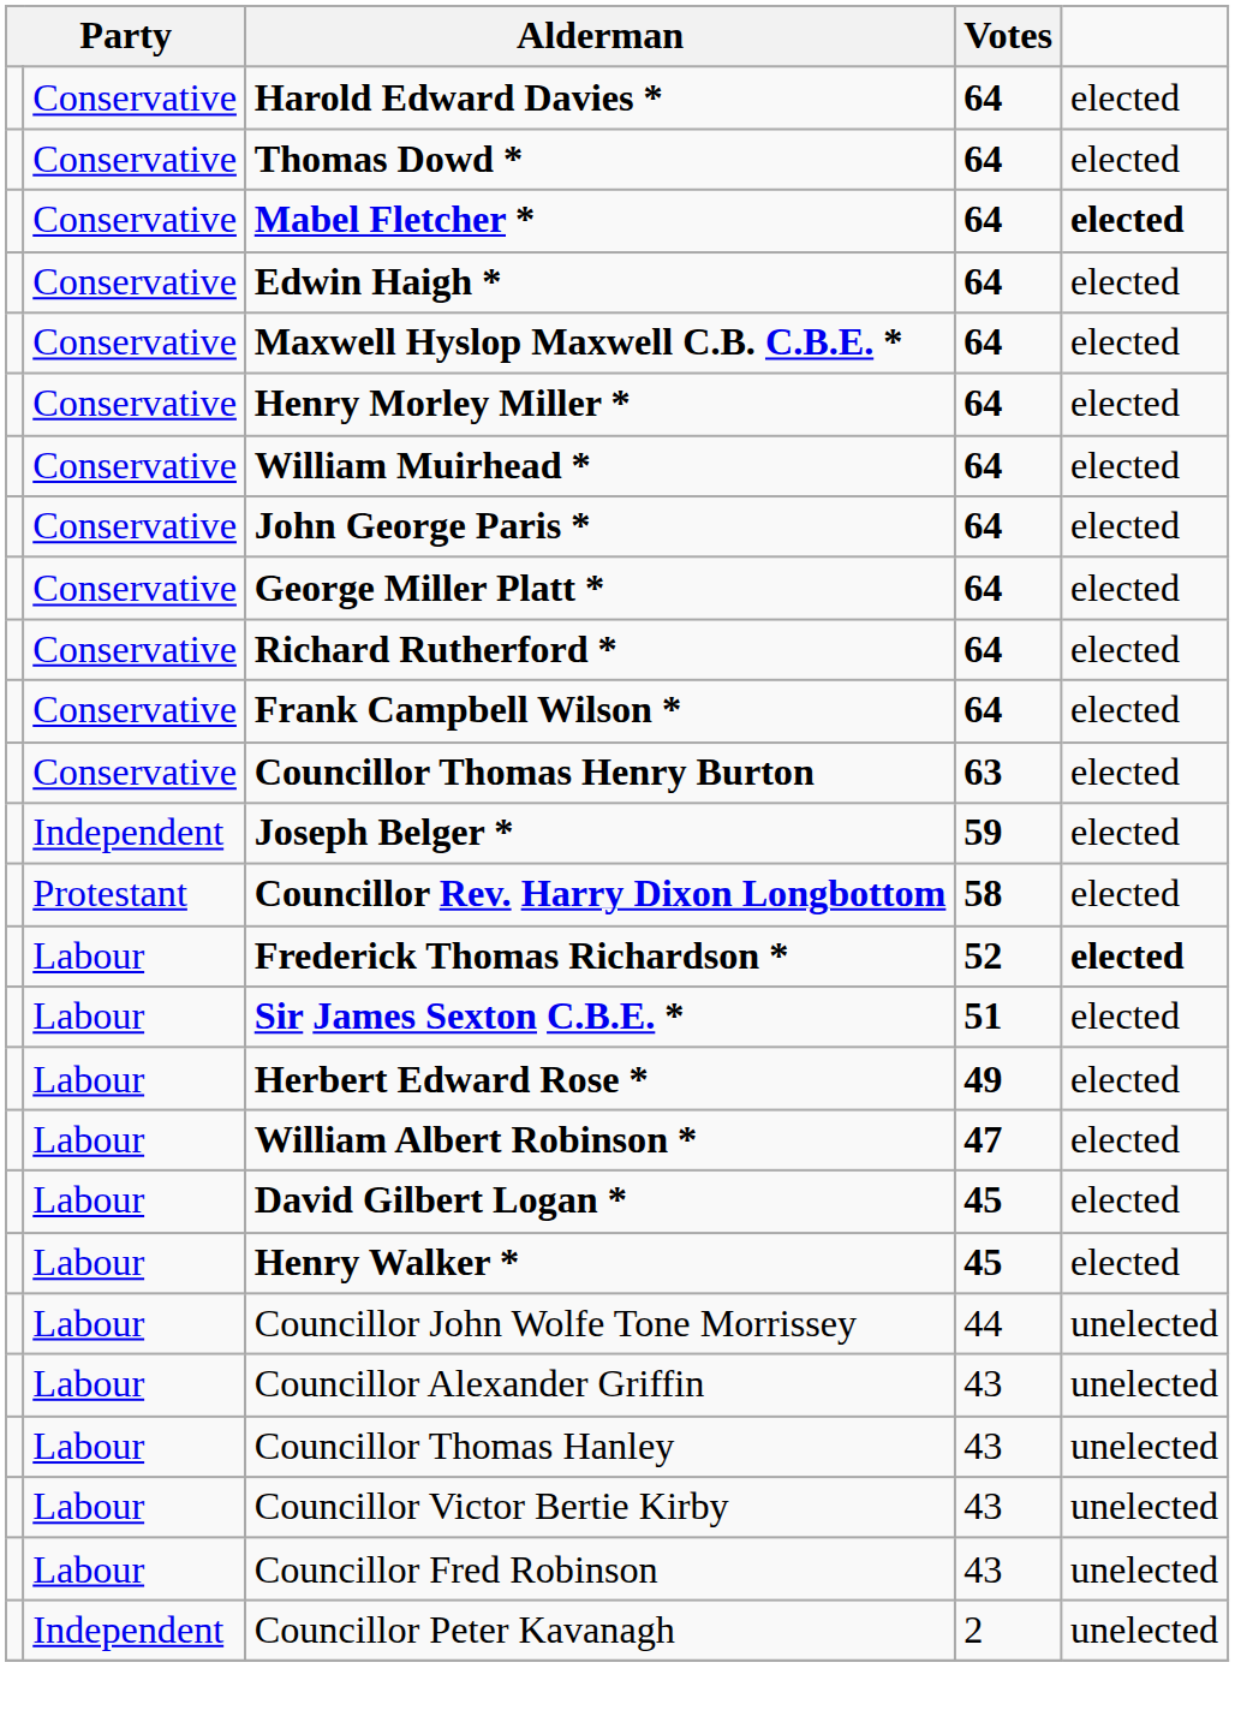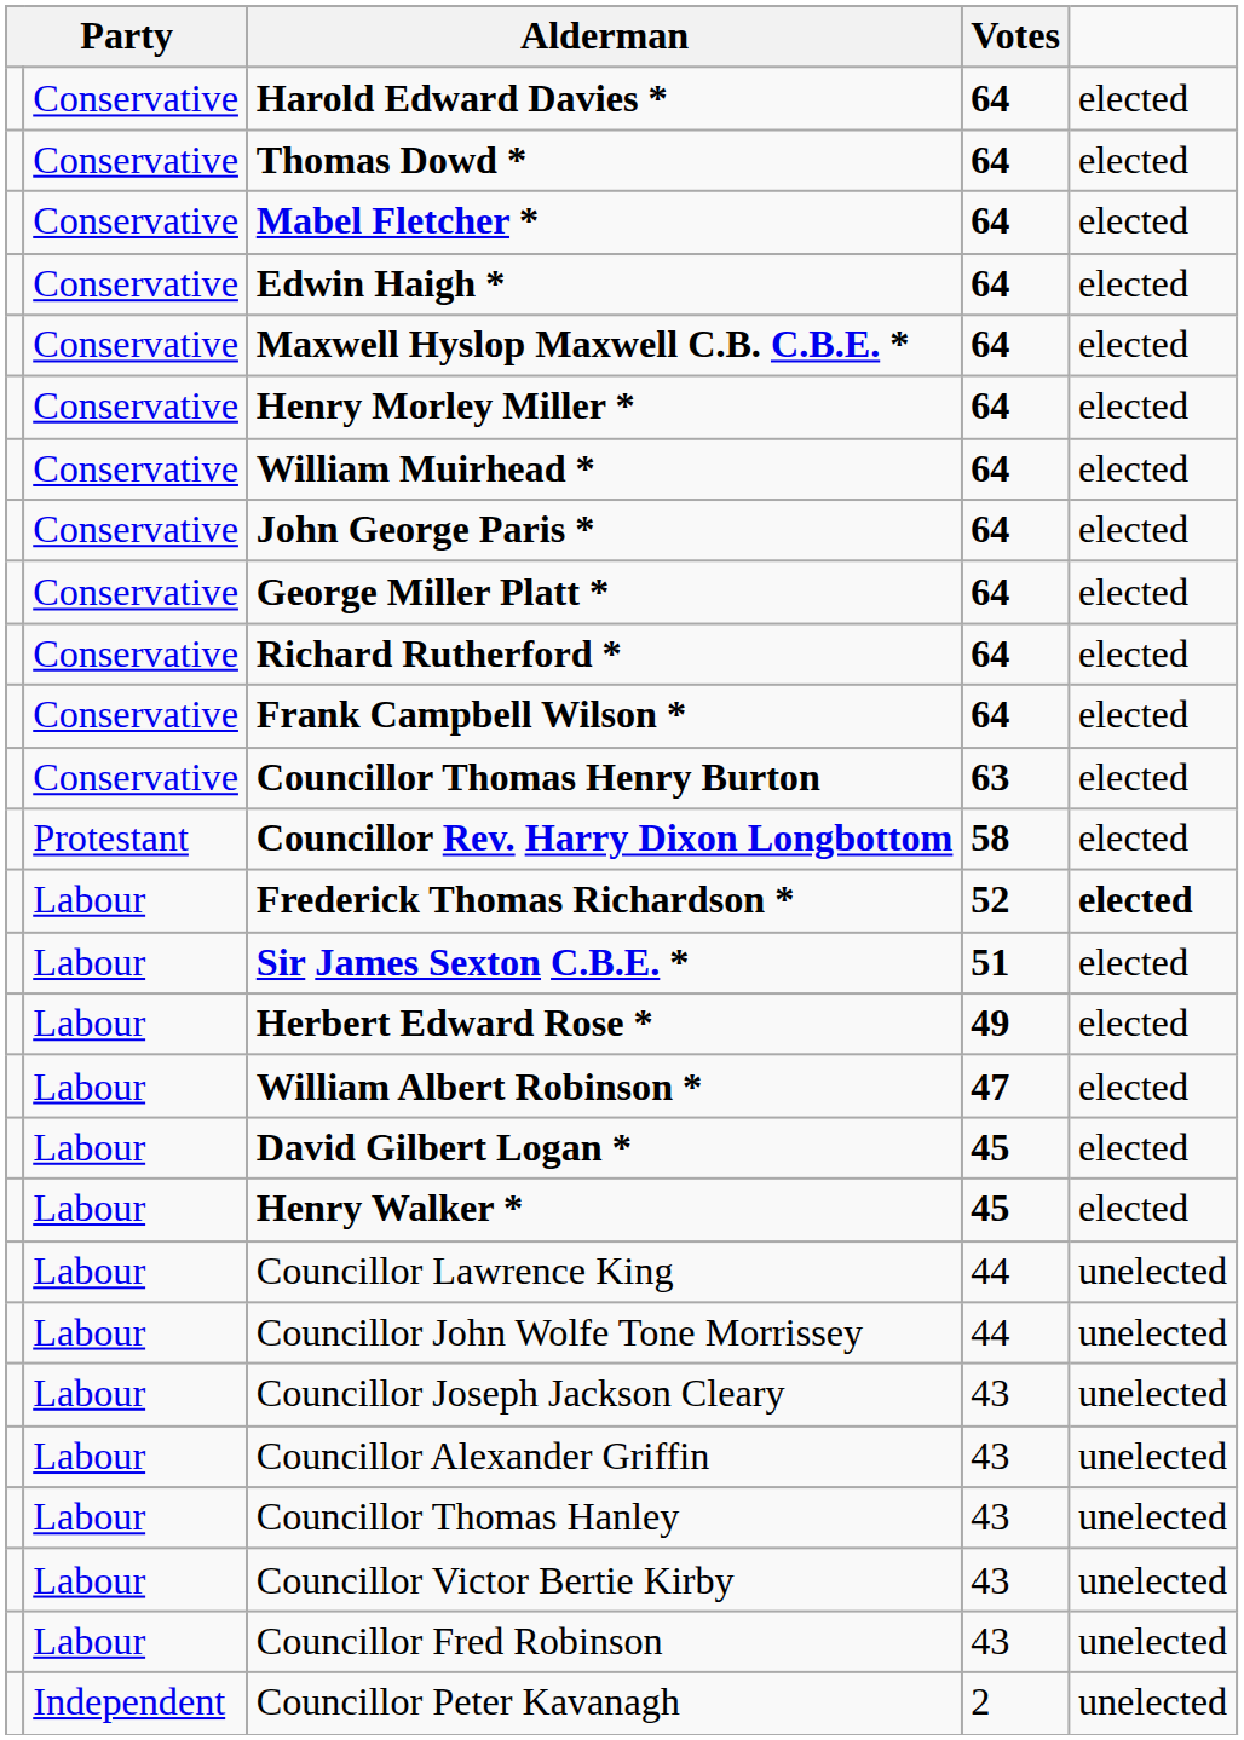 <table class="wikitable">
 <tr>
 <th colspan="2">Party</th>
 <th>Alderman</th>
 <th>Votes</th>
 </tr>
 <tr>
 <td style="background-color:"></td>
 <td><a href='#'>Conservative</a></td>
 <td><strong>Harold Edward Davies *</strong></td>
 <td><strong>64</strong></td>
 <td>elected</td>
 </tr>
 <tr>
 <td style="background-color:"></td>
 <td><a href='#'>Conservative</a></td>
 <td><strong>Thomas Dowd *</strong></td>
 <td><strong>64</strong></td>
 <td>elected</td>
 </tr>
 <tr>
 <td style="background-color:"></td>
 <td><a href='#'>Conservative</a></td>
 <td><strong><a href='#'>Mabel Fletcher</a> *</strong></td>
 <td><strong>64</strong></td>
-<td><strong>elected</strong></td>
+<td>elected</td>
 </tr>
 <tr>
 <td style="background-color:"></td>
 <td><a href='#'>Conservative</a></td>
 <td><strong>Edwin Haigh *</strong></td>
 <td><strong>64</strong></td>
 <td>elected</td>
 </tr>
 <tr>
 <td style="background-color:"></td>
 <td><a href='#'>Conservative</a></td>
 <td><strong>Maxwell Hyslop Maxwell C.B. <a href='#'>C.B.E.</a> *</strong></td>
 <td><strong>64</strong></td>
 <td>elected</td>
 </tr>
 <tr>
 <td style="background-color:"></td>
 <td><a href='#'>Conservative</a></td>
 <td><strong>Henry Morley Miller *</strong></td>
 <td><strong>64</strong></td>
 <td>elected</td>
 </tr>
 <tr>
 <td style="background-color:"></td>
 <td><a href='#'>Conservative</a></td>
 <td><strong>William Muirhead *</strong></td>
 <td><strong>64</strong></td>
 <td>elected</td>
 </tr>
 <tr>
 <td style="background-color:"></td>
 <td><a href='#'>Conservative</a></td>
 <td><strong>John George Paris *</strong></td>
 <td><strong>64</strong></td>
 <td>elected</td>
 </tr>
 <tr>
 <td style="background-color:"></td>
 <td><a href='#'>Conservative</a></td>
 <td><strong>George Miller Platt *</strong></td>
 <td><strong>64</strong></td>
 <td>elected</td>
 </tr>
 <tr>
 <td style="background-color:"></td>
 <td><a href='#'>Conservative</a></td>
 <td><strong>Richard Rutherford *</strong></td>
 <td><strong>64</strong></td>
 <td>elected</td>
 </tr>
 <tr>
 <td style="background-color:"></td>
 <td><a href='#'>Conservative</a></td>
 <td><strong>Frank Campbell Wilson *</strong></td>
 <td><strong>64</strong></td>
 <td>elected</td>
 </tr>
 <tr>
 <td style="background-color:"></td>
 <td><a href='#'>Conservative</a></td>
 <td><strong>Councillor Thomas Henry Burton</strong></td>
 <td><strong>63</strong></td>
 <td>elected</td>
 </tr>
 <tr>
 <td style="background-color:"></td>
-<td><a href='#'>Independent</a></td>
-<td><strong>Joseph Belger *</strong></td>
-<td><strong>59</strong></td>
-<td>elected</td>
-</tr>
-<tr>
-<td style="background-color:"></td>
 <td><a href='#'>Protestant</a></td>
 <td><strong>Councillor <a href='#'>Rev.</a> <a href='#'>Harry Dixon Longbottom</a></strong></td>
 <td><strong>58</strong></td>
 <td>elected</td>
 </tr>
 <tr>
 <td style="background-color:"></td>
 <td><a href='#'>Labour</a></td>
 <td><strong>Frederick Thomas Richardson *</strong></td>
 <td><strong>52</strong></td>
 <td><strong>elected</strong></td>
 </tr>
 <tr>
 <td style="background-color:"></td>
 <td><a href='#'>Labour</a></td>
 <td><strong><a href='#'>Sir</a> <a href='#'>James Sexton</a> <a href='#'>C.B.E.</a> *</strong></td>
 <td><strong>51</strong></td>
 <td>elected</td>
 </tr>
 <tr>
 <td style="background-color:"></td>
 <td><a href='#'>Labour</a></td>
 <td><strong>Herbert Edward Rose *</strong></td>
 <td><strong>49</strong></td>
 <td>elected</td>
 </tr>
 <tr>
 <td style="background-color:"></td>
 <td><a href='#'>Labour</a></td>
 <td><strong>William Albert Robinson *</strong></td>
 <td><strong>47</strong></td>
 <td>elected</td>
 </tr>
 <tr>
 <td style="background-color:"></td>
 <td><a href='#'>Labour</a></td>
 <td><strong>David Gilbert Logan *</strong></td>
 <td><strong>45</strong></td>
 <td>elected</td>
 </tr>
 <tr>
 <td style="background-color:"></td>
 <td><a href='#'>Labour</a></td>
 <td><strong>Henry Walker *</strong></td>
 <td><strong>45</strong></td>
 <td>elected</td>
 </tr>
 <tr>
 <td style="background-color:"></td>
 <td><a href='#'>Labour</a></td>
+<td>Councillor Lawrence King</td>
+<td>44</td>
+<td>unelected</td>
+</tr>
+<tr>
+<td style="background-color:"></td>
+<td><a href='#'>Labour</a></td>
 <td>Councillor John Wolfe Tone Morrissey</td>
 <td>44</td>
+<td>unelected</td>
+</tr>
+<tr>
+<td style="background-color:"></td>
+<td><a href='#'>Labour</a></td>
+<td>Councillor Joseph Jackson Cleary</td>
+<td>43</td>
 <td>unelected</td>
 </tr>
 <tr>
 <td style="background-color:"></td>
 <td><a href='#'>Labour</a></td>
 <td>Councillor Alexander Griffin</td>
 <td>43</td>
 <td>unelected</td>
 </tr>
 <tr>
 <td style="background-color:"></td>
 <td><a href='#'>Labour</a></td>
 <td>Councillor Thomas Hanley</td>
 <td>43</td>
 <td>unelected</td>
 </tr>
 <tr>
 <td style="background-color:"></td>
 <td><a href='#'>Labour</a></td>
 <td>Councillor Victor Bertie Kirby</td>
 <td>43</td>
 <td>unelected</td>
 </tr>
 <tr>
 <td style="background-color:"></td>
 <td><a href='#'>Labour</a></td>
 <td>Councillor Fred Robinson</td>
 <td>43</td>
 <td>unelected</td>
 </tr>
 <tr>
 <td style="background-color:"></td>
 <td><a href='#'>Independent</a></td>
 <td>Councillor Peter Kavanagh</td>
 <td>2</td>
 <td>unelected</td>
 </tr>
 <tr>
 </tr>
 </table>
